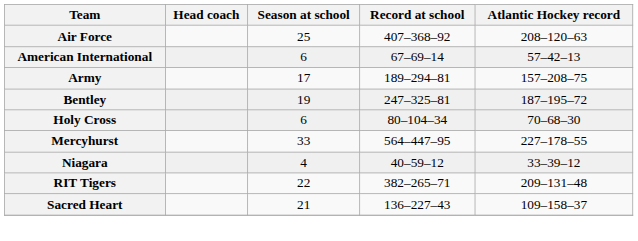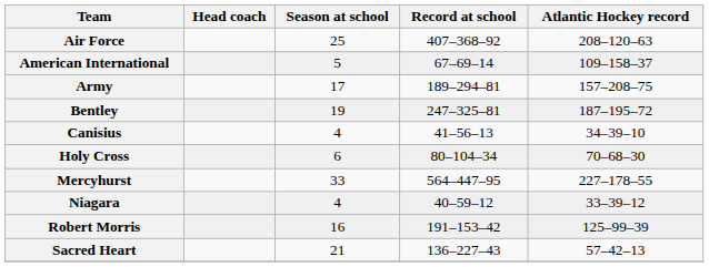 <table class="wikitable sortable" style="text-align: center; "width=60%">
 <tr>
 <th>Team</th>
 <th>Head coach</th>
 <th>Season at school</th>
 <th>Record at school</th>
 <th>Atlantic Hockey record</th>
 </tr>
 <tr>
 <th>Air Force</th>
 <td></td>
 <td>25</td>
 <td>407–368–92</td>
 <td>208–120–63</td>
 </tr>
 <tr bgcolor=f0f0f0>
 <th>American International</th>
 <td></td>
-<td>6</td>
+<td>5</td>
 <td>67–69–14</td>
-<td>57–42–13</td>
+<td>109–158–37</td>
 </tr>
 <tr>
 <th>Army</th>
 <td></td>
 <td>17</td>
 <td>189–294–81</td>
 <td>157–208–75</td>
 </tr>
 <tr bgcolor=f0f0f0>
 <th>Bentley</th>
 <td></td>
 <td>19</td>
 <td>247–325–81</td>
 <td>187–195–72</td>
+</tr>
+<tr>
+<th>Canisius</th>
+<td></td>
+<td>4</td>
+<td>41–56–13</td>
+<td>34–39–10</td>
 </tr>
 <tr bgcolor=f0f0f0>
 <th>Holy Cross</th>
 <td></td>
 <td>6</td>
 <td>80–104–34</td>
 <td>70–68–30</td>
 </tr>
 <tr>
 <th>Mercyhurst</th>
 <td></td>
 <td>33</td>
 <td>564–447–95</td>
 <td>227–178–55</td>
 </tr>
 <tr bgcolor=f0f0f0>
 <th>Niagara</th>
 <td></td>
 <td>4</td>
 <td>40–59–12</td>
 <td>33–39–12</td>
 </tr>
-<tr>
-<th>RIT Tigers</th>
+<tr bgcolor=f0f0f0>
+<th>Robert Morris</th>
 <td></td>
-<td>22</td>
-<td>382–265–71</td>
-<td>209–131–48</td>
+<td>16</td>
+<td>191–153–42</td>
+<td>125–99–39</td>
 </tr>
 <tr>
 <th>Sacred Heart</th>
 <td></td>
 <td>21</td>
 <td>136–227–43</td>
-<td>109–158–37</td>
+<td>57–42–13</td>
 </tr>
 <tr>
 </tr>
 </table>
